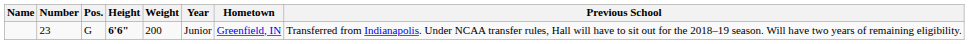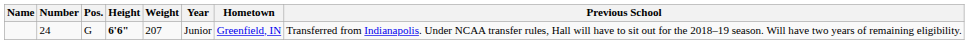 <table class="wikitable sortable" border="1">
 <tr>
 <th>Name</th>
 <th>Number</th>
 <th>Pos.</th>
 <th>Height</th>
 <th>Weight</th>
 <th>Year</th>
 <th>Hometown</th>
 <th class="unsortable">Previous School</th>
 </tr>
 <tr>
 <td></td>
-<td>23</td>
+<td>24</td>
 <td>G</td>
 <td><strong>6'6"</strong></td>
-<td>200</td>
+<td>207</td>
 <td>Junior</td>
 <td><a href='#'>Greenfield, IN</a></td>
 <td>Transferred from <a href='#'>Indianapolis</a>. Under NCAA transfer rules, Hall will have to sit out for the 2018–19 season. Will have two years of remaining eligibility.</td>
 </tr>
 </table>
